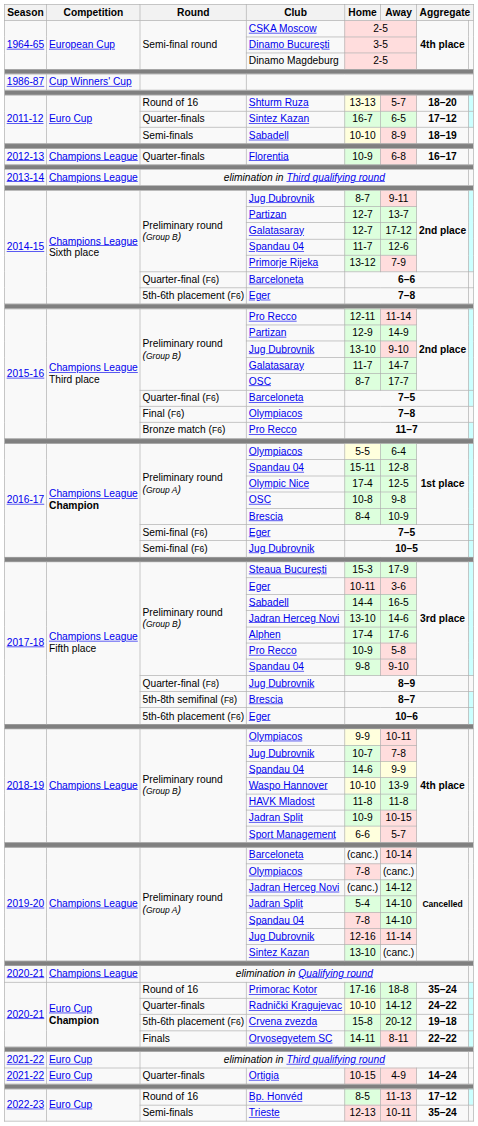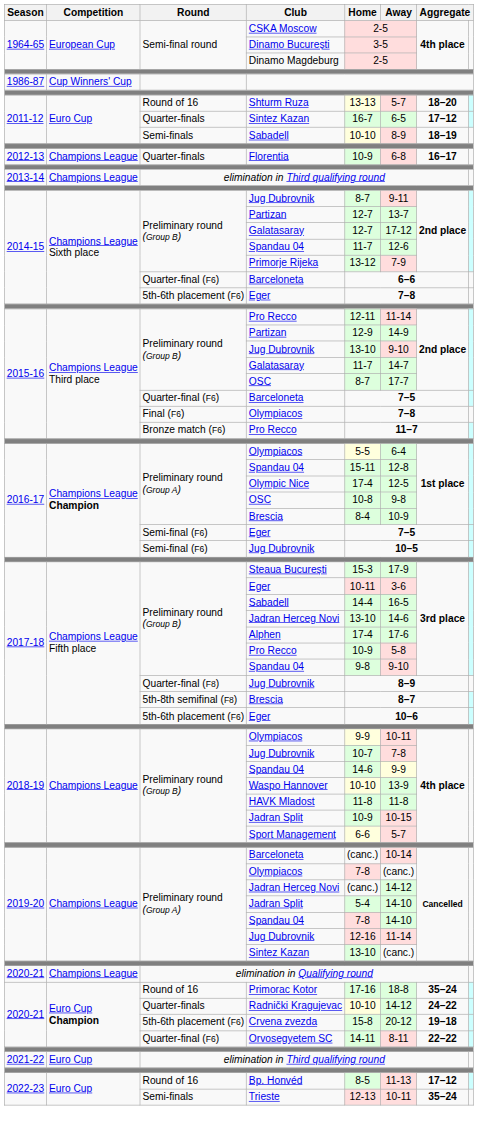 <table class="wikitable collapsible collapsed" align="center" style="text-align:left;">
 <tr>
 <th>Season</th>
 <th>Competition</th>
 <th>Round</th>
 <th>Club</th>
 <th>Home</th>
 <th>Away</th>
 <th colspan=2>Aggregate</th>
 </tr>
 <tr>
 <td rowspan=3><a href='#'>1964-65</a></td>
 <td rowspan=3><a href='#'>European Cup</a></td>
 <td rowspan=3>Semi-final round</td>
 <td> <a href='#'>CSKA Moscow</a></td>
 <td colspan=2; style="text-align:center; background:#fdd;">2-5</td>
 <td align=center rowspan=3><strong>4th place</strong></td>
 <td align="center" rowspan=3></td>
 </tr>
 <tr>
 <td> <a href='#'>Dinamo București</a></td>
 <td colspan=2; style="text-align:center; background:#fdd;">3-5</td>
 </tr>
 <tr>
 <td> Dinamo Magdeburg</td>
 <td colspan=2; style="text-align:center; background:#fdd;">2-5</td>
 </tr>
 <tr>
 <td colspan=8 style="text-align: center;" bgcolor=grey></td>
 </tr>
 <tr>
 <td><a href='#'>1986-87</a></td>
 <td><a href='#'>Cup Winners' Cup</a></td>
 <td></td>
 </tr>
 <tr>
 <td colspan=8 style="text-align: center;" bgcolor=grey></td>
 </tr>
 <tr>
 <td rowspan=3><a href='#'>2011-12</a></td>
 <td rowspan=3><a href='#'>Euro Cup</a></td>
 <td>Round of 16</td>
 <td> <a href='#'>Shturm Ruza</a></td>
 <td style="text-align:center; background:#ffd;">13-13</td>
 <td style="text-align:center; background:#fdd;">5-7</td>
 <td align=center><strong>18–20</strong></td>
 <td style="background-color:#CFF" align="center"></td>
 </tr>
 <tr>
 <td>Quarter-finals</td>
 <td> <a href='#'>Sintez Kazan</a></td>
 <td style="text-align:center; background:#dfd;">16-7</td>
 <td style="text-align:center; background:#dfd;">6-5</td>
 <td align=center><strong>17–12</strong></td>
 <td style="background-color:#CFF" align="center"></td>
 </tr>
 <tr>
 <td>Semi-finals</td>
 <td> <a href='#'>Sabadell</a></td>
 <td style="text-align:center; background:#ffd;">10-10</td>
 <td style="text-align:center; background:#fdd;">8-9</td>
 <td align=center><strong>18–19</strong></td>
 <td align="center"></td>
 </tr>
 <tr>
 <td colspan=8 style="text-align: center;" bgcolor=grey></td>
 </tr>
 <tr>
 <td rowspan=1><a href='#'>2012-13</a></td>
 <td rowspan=1><a href='#'>Champions League</a></td>
 <td>Quarter-finals</td>
 <td> <a href='#'>Florentia</a></td>
 <td style="text-align:center; background:#dfd;">10-9</td>
 <td style="text-align:center; background:#fdd;">6-8</td>
 <td style="text-align:center;"><strong>16–17</strong></td>
 <td align="center"></td>
 </tr>
 <tr>
 <td colspan=8 style="text-align: center;" bgcolor=grey></td>
 </tr>
 <tr>
 <td rowspan=1><a href='#'>2013-14</a></td>
 <td rowspan=1><a href='#'>Champions League</a></td>
 <td colspan=5; align="center"><em>elimination in <a href='#'>Third qualifying round</a></em></td>
 <td align="center"></td>
 </tr>
 <tr>
 <td colspan=8 style="text-align: center;" bgcolor=grey></td>
 </tr>
 <tr>
 <td rowspan=7><a href='#'>2014-15</a></td>
 <td rowspan=7><a href='#'>Champions League</a><br>Sixth place</td>
 <td rowspan=5>Preliminary round<br><em>(<small>Group B</small>)</em></td>
 <td> <a href='#'>Jug Dubrovnik</a></td>
 <td style="text-align:center; background:#dfd;">8-7</td>
 <td style="text-align:center; background:#fdd;">9-11</td>
 <td align=center rowspan=5><strong>2nd place</strong></td>
 <td style="background-color:#CFF" align="center" rowspan=5></td>
 </tr>
 <tr>
 <td> <a href='#'>Partizan</a></td>
 <td style="text-align:center; background:#dfd;">12-7</td>
 <td style="text-align:center; background:#dfd;">13-7</td>
 </tr>
 <tr>
 <td> <a href='#'>Galatasaray</a></td>
 <td style="text-align:center; background:#dfd;">12-7</td>
 <td style="text-align:center; background:#dfd;">17-12</td>
 </tr>
 <tr>
 <td> <a href='#'>Spandau 04</a></td>
 <td style="text-align:center; background:#dfd;">11-7</td>
 <td style="text-align:center; background:#dfd;">12-6</td>
 </tr>
 <tr>
 <td> <a href='#'>Primorje Rijeka</a></td>
 <td style="text-align:center; background:#dfd;">13-12</td>
 <td style="text-align:center; background:#fdd;">7-9</td>
 </tr>
 <tr>
 <td>Quarter-final (<small>F6</small>)</td>
 <td> <a href='#'>Barceloneta</a></td>
 <td colspan=3; style="text-align:center"><strong>6–6 </strong></td>
 <td align="center"></td>
 </tr>
 <tr>
 <td>5th-6th placement (<small>F6</small>)</td>
 <td> <a href='#'>Eger</a></td>
 <td colspan=3; style="text-align:center"><strong>7–8</strong></td>
 <td align="center"></td>
 </tr>
 <tr>
 <td colspan=8 style="text-align: center;" bgcolor=grey></td>
 </tr>
 <tr>
 <td rowspan=8><a href='#'>2015-16</a></td>
 <td rowspan=8><a href='#'>Champions League</a><br> Third place</td>
 <td rowspan=5>Preliminary round<br><em>(<small>Group B</small>)</em></td>
 <td> <a href='#'>Pro Recco</a></td>
 <td style="text-align:center; background:#dfd;">12-11</td>
 <td style="text-align:center; background:#fdd;">11-14</td>
 <td align=center rowspan=5><strong>2nd place</strong></td>
 <td style="background-color:#CFF" align="center" rowspan=5></td>
 </tr>
 <tr>
 <td> <a href='#'>Partizan</a></td>
 <td style="text-align:center; background:#dfd;">12-9</td>
 <td style="text-align:center; background:#dfd;">14-9</td>
 </tr>
 <tr>
 <td> <a href='#'>Jug Dubrovnik</a></td>
 <td style="text-align:center; background:#dfd;">13-10</td>
 <td style="text-align:center; background:#fdd;">9-10</td>
 </tr>
 <tr>
 <td> <a href='#'>Galatasaray</a></td>
 <td style="text-align:center; background:#dfd;">11-7</td>
 <td style="text-align:center; background:#dfd;">14-7</td>
 </tr>
 <tr>
 <td> <a href='#'>OSC</a></td>
 <td style="text-align:center; background:#dfd;">8-7</td>
 <td style="text-align:center; background:#dfd;">17-7</td>
 </tr>
 <tr>
 <td>Quarter-final (<small>F6</small>)</td>
 <td> <a href='#'>Barceloneta</a></td>
 <td colspan=3; style="text-align:center"><strong>7–5</strong></td>
 <td style="background-color:#CFF" align="center"></td>
 </tr>
 <tr>
 <td>Final (<small>F6</small>)</td>
 <td> <a href='#'>Olympiacos</a></td>
 <td colspan=3; style="text-align:center"><strong>7–8</strong></td>
 <td align="center"></td>
 </tr>
 <tr>
 <td>Bronze match (<small>F6</small>)</td>
 <td> <a href='#'>Pro Recco</a></td>
 <td colspan=3; style="text-align:center"><strong>11–7</strong></td>
 <td style="background-color:#CFF" align="center"></td>
 </tr>
 <tr>
 <td colspan=8 style="text-align: center;" bgcolor=grey></td>
 </tr>
 <tr>
 <td rowspan=7><a href='#'>2016-17</a></td>
 <td rowspan=7><a href='#'>Champions League</a><br> <strong>Champion</strong></td>
 <td rowspan=5>Preliminary round<br><em>(<small>Group A</small>)</em></td>
 <td> <a href='#'>Olympiacos</a></td>
 <td style="text-align:center; background:#ffd;">5-5</td>
 <td style="text-align:center; background:#dfd;">6-4</td>
 <td align=center rowspan=5><strong>1st place</strong></td>
 <td style="background-color:#CFF" align="center" rowspan=5></td>
 </tr>
 <tr>
 <td> <a href='#'>Spandau 04</a></td>
 <td style="text-align:center; background:#dfd;">15-11</td>
 <td style="text-align:center; background:#dfd;">12-8</td>
 </tr>
 <tr>
 <td> <a href='#'>Olympic Nice</a></td>
 <td style="text-align:center; background:#dfd;">17-4</td>
 <td style="text-align:center; background:#dfd;">12-5</td>
 </tr>
 <tr>
 <td> <a href='#'>OSC</a></td>
 <td style="text-align:center; background:#dfd;">10-8</td>
 <td style="text-align:center; background:#dfd;">9-8</td>
 </tr>
 <tr>
 <td> <a href='#'>Brescia</a></td>
 <td style="text-align:center; background:#dfd;">8-4</td>
 <td style="text-align:center; background:#dfd;">10-9</td>
 </tr>
 <tr>
 <td>Semi-final (<small>F6</small>)</td>
 <td> <a href='#'>Eger</a></td>
 <td colspan=3; style="text-align:center"><strong>7–5</strong></td>
 <td style="background-color:#CFF" align="center"></td>
 </tr>
 <tr>
 <td>Semi-final (<small>F6</small>)</td>
 <td> <a href='#'>Jug Dubrovnik</a></td>
 <td colspan=3; style="text-align:center"><strong>10–5</strong></td>
 <td style="background-color:#CFF" align="center"></td>
 </tr>
 <tr>
 <td colspan=8 style="text-align: center;" bgcolor=grey></td>
 </tr>
 <tr>
 <td rowspan=10><a href='#'>2017-18</a></td>
 <td rowspan=10><a href='#'>Champions League</a><br>Fifth place</td>
 <td rowspan=7>Preliminary round<br><em>(<small>Group B</small>)</em></td>
 <td> <a href='#'>Steaua București</a></td>
 <td style="text-align:center; background:#dfd;">15-3</td>
 <td style="text-align:center; background:#dfd;">17-9</td>
 <td align=center rowspan=7><strong>3rd place</strong></td>
 <td style="background-color:#CFF" align="center" rowspan=7></td>
 </tr>
 <tr>
 <td> <a href='#'>Eger</a></td>
 <td style="text-align:center; background:#fdd;">10-11</td>
 <td style="text-align:center; background:#fdd;">3-6</td>
 </tr>
 <tr>
 <td> <a href='#'>Sabadell</a></td>
 <td style="text-align:center; background:#dfd;">14-4</td>
 <td style="text-align:center; background:#dfd;">16-5</td>
 </tr>
 <tr>
 <td> <a href='#'>Jadran Herceg Novi</a></td>
 <td style="text-align:center; background:#dfd;">13-10</td>
 <td style="text-align:center; background:#dfd;">14-6</td>
 </tr>
 <tr>
 <td> <a href='#'>Alphen</a></td>
 <td style="text-align:center; background:#dfd;">17-4</td>
 <td style="text-align:center; background:#dfd;">17-6</td>
 </tr>
 <tr>
 <td> <a href='#'>Pro Recco</a></td>
 <td style="text-align:center; background:#dfd;">10-9</td>
 <td style="text-align:center; background:#fdd;">5-8</td>
 </tr>
 <tr>
 <td> <a href='#'>Spandau 04</a></td>
 <td style="text-align:center; background:#dfd;">9-8</td>
 <td style="text-align:center; background:#fdd;">9-10</td>
 </tr>
 <tr>
 <td>Quarter-final (<small>F8</small>)</td>
 <td> <a href='#'>Jug Dubrovnik</a></td>
 <td colspan=3; style="text-align:center"><strong>8–9</strong></td>
 <td align="center"></td>
 </tr>
 <tr>
 <td>5th-8th semifinal (<small>F8</small>)</td>
 <td> <a href='#'>Brescia</a></td>
 <td colspan=3; style="text-align:center"><strong>8–7</strong></td>
 <td style="background-color:#CFF" align="center"></td>
 </tr>
 <tr>
 <td>5th-6th placement (<small>F6</small>)</td>
 <td> <a href='#'>Eger</a></td>
 <td colspan=3; style="text-align:center"><strong>10–6</strong></td>
 <td style="background-color:#CFF" align="center"></td>
 </tr>
 <tr>
 <td colspan=8 style="text-align: center;" bgcolor=grey></td>
 </tr>
 <tr>
 <td rowspan=7><a href='#'>2018-19</a></td>
 <td rowspan=7><a href='#'>Champions League</a></td>
 <td rowspan=7>Preliminary round<br><em>(<small>Group B</small>)</em></td>
 <td> <a href='#'>Olympiacos</a></td>
 <td style="text-align:center; background:#ffd;">9-9</td>
 <td style="text-align:center; background:#fdd;">10-11</td>
 <td align=center rowspan=7><strong>4th place</strong></td>
 <td align="center" rowspan=7></td>
 </tr>
 <tr>
 <td> <a href='#'>Jug Dubrovnik</a></td>
 <td style="text-align:center; background:#dfd;">10-7</td>
 <td style="text-align:center; background:#fdd;">7-8</td>
 </tr>
 <tr>
 <td> <a href='#'>Spandau 04</a></td>
 <td style="text-align:center; background:#dfd;">14-6</td>
 <td style="text-align:center; background:#ffd;">9-9</td>
 </tr>
 <tr>
 <td> <a href='#'>Waspo Hannover</a></td>
 <td style="text-align:center; background:#ffd;">10-10</td>
 <td style="text-align:center; background:#dfd;">13-9</td>
 </tr>
 <tr>
 <td> <a href='#'>HAVK Mladost</a></td>
 <td style="text-align:center; background:#dfd;">11-8</td>
 <td style="text-align:center; background:#dfd;">11-8</td>
 </tr>
 <tr>
 <td> <a href='#'>Jadran Split</a></td>
 <td style="text-align:center; background:#dfd;">10-9</td>
 <td style="text-align:center; background:#fdd;">10-15</td>
 </tr>
 <tr>
 <td> <a href='#'>Sport Management</a></td>
 <td style="text-align:center; background:#ffd;">6-6</td>
 <td style="text-align:center; background:#fdd;">5-7</td>
 </tr>
 <tr>
 <td colspan=8 style="text-align: center;" bgcolor=grey></td>
 </tr>
 <tr>
 <td rowspan=7><a href='#'>2019-20</a></td>
 <td rowspan=7><a href='#'>Champions League</a></td>
 <td rowspan=7>Preliminary round<br><em>(<small>Group A</small>)</em></td>
 <td> <a href='#'>Barceloneta</a></td>
 <td style="text-align:center">(canc.)</td>
 <td style="text-align:center; background:#fdd;">10-14</td>
 <td align=center rowspan=7><small><strong>Cancelled</strong></small></td>
 </tr>
 <tr>
 <td> <a href='#'>Olympiacos</a></td>
 <td style="text-align:center; background:#fdd;">7-8</td>
 <td style="text-align:center">(canc.)</td>
 </tr>
 <tr>
 <td> <a href='#'>Jadran Herceg Novi</a></td>
 <td style="text-align:center">(canc.)</td>
 <td style="text-align:center; background:#dfd;">14-12</td>
 </tr>
 <tr>
 <td> <a href='#'>Jadran Split</a></td>
 <td style="text-align:center; background:#dfd;">5-4</td>
 <td style="text-align:center; background:#dfd;">14-10</td>
 </tr>
 <tr>
 <td> <a href='#'>Spandau 04</a></td>
 <td style="text-align:center; background:#fdd;">7-8</td>
 <td style="text-align:center; background:#dfd;">14-10</td>
 </tr>
 <tr>
 <td> <a href='#'>Jug Dubrovnik</a></td>
 <td style="text-align:center; background:#fdd;">12-16</td>
 <td style="text-align:center; background:#fdd;">11-14</td>
 </tr>
 <tr>
 <td> <a href='#'>Sintez Kazan</a></td>
 <td style="text-align:center; background:#dfd;">13-10</td>
 <td style="text-align:center">(canc.)</td>
 </tr>
 <tr>
 <td colspan=8 style="text-align: center;" bgcolor=grey></td>
 </tr>
 <tr>
 <td rowspan=1><a href='#'>2020-21</a></td>
 <td rowspan=1><a href='#'>Champions League</a></td>
 <td colspan=5; align="center"><em>elimination in <a href='#'>Qualifying round</a></em></td>
 <td align="center"></td>
 </tr>
 <tr>
 <td rowspan=4><a href='#'>2020-21</a></td>
 <td rowspan=4><a href='#'>Euro Cup</a><br> <strong>Champion</strong></td>
 <td>Round of 16</td>
 <td> <a href='#'>Primorac Kotor</a></td>
 <td style="text-align:center; background:#dfd;">17-16</td>
 <td style="text-align:center; background:#dfd;">18-8</td>
 <td style="text-align:center;"><strong>35–24</strong></td>
 <td style="background-color:#CFF" align="center"></td>
 </tr>
 <tr>
 <td>Quarter-finals</td>
 <td> <a href='#'>Radnički Kragujevac</a></td>
 <td style="text-align:center; background:#ffd;">10-10</td>
 <td style="text-align:center; background:#dfd;">14-12</td>
 <td style="text-align:center;"><strong>24–22</strong></td>
 <td style="background-color:#CFF" align="center"></td>
 </tr>
 <tr>
 <td>5th-6th placement (<small>F6</small>)</td>
 <td> <a href='#'>Crvena zvezda</a></td>
 <td style="text-align:center; background:#dfd;">15-8</td>
 <td style="text-align:center; background:#dfd;">20-12</td>
 <td style="text-align:center;"><strong>19–18</strong></td>
 <td style="background-color:#CFF" align="center"></td>
 </tr>
 <tr>
-<td>Finals</td>
+<td>Quarter-final (<small>F6</small>)</td>
 <td> <a href='#'>Orvosegyetem SC</a></td>
 <td style="text-align:center; background:#dfd;">14-11</td>
 <td style="text-align:center; background:#fdd;">8-11</td>
 <td style="text-align:center;"><strong>22–22 </strong></td>
 <td style="background-color:#CFF" align="center"></td>
 </tr>
 <tr>
 <td colspan=8 style="text-align: center;" bgcolor=grey></td>
 </tr>
 <tr>
 <td rowspan=1><a href='#'>2021-22</a></td>
 <td rowspan=1><a href='#'>Euro Cup</a></td>
 <td colspan=5; align="center"><em>elimination in <a href='#'>Third qualifying round</a></em></td>
-<td align="center"></td>
-</tr>
-<tr>
-<td rowspan=1><a href='#'>2021-22</a></td>
-<td rowspan=1><a href='#'>Euro Cup</a></td>
-<td>Quarter-finals</td>
-<td> <a href='#'>Ortigia</a></td>
-<td style="text-align:center; background:#fdd;">10-15</td>
-<td style="text-align:center; background:#fdd;">4-9</td>
-<td style="text-align:center;"><strong>14–24</strong></td>
 <td align="center"></td>
 </tr>
 <tr>
 <td colspan=8 style="text-align: center;" bgcolor=grey></td>
 </tr>
 <tr>
 <td rowspan=2><a href='#'>2022-23</a></td>
 <td rowspan=2><a href='#'>Euro Cup</a></td>
 <td>Round of 16</td>
 <td> <a href='#'>Bp. Honvéd</a></td>
 <td style="text-align:center; background:#dfd;">8-5</td>
 <td style="text-align:center; background:#fdd;">11-13</td>
 <td align=center><strong>17–12</strong></td>
 <td style="background-color:#CFF" align="center"></td>
 </tr>
 <tr>
 <td>Semi-finals</td>
 <td> <a href='#'>Trieste</a></td>
 <td style="text-align:center; background:#fdd;">12-13</td>
 <td style="text-align:center; background:#fdd;">10-11</td>
 <td style="text-align:center;"><strong>35–24</strong></td>
 <td align="center"></td>
 </tr>
 </table>
